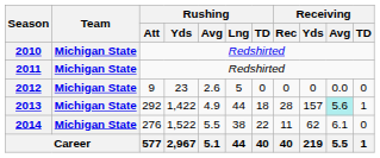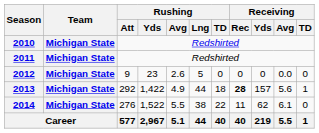 <table class="wikitable" style="text-align:center;">
 <tr>
 <th rowspan="2">Season</th>
 <th rowspan="2">Team</th>
 <th colspan="5">Rushing</th>
 <th colspan="4">Receiving</th>
 </tr>
 <tr>
 <th>Att</th>
 <th>Yds</th>
 <th>Avg</th>
 <th>Lng</th>
 <th>TD</th>
 <th>Rec</th>
 <th>Yds</th>
 <th>Avg</th>
 <th>TD</th>
 </tr>
 <tr>
 <th><a href='#'>2010</a></th>
 <th><a href='#'>Michigan State</a></th>
 <td colspan="9"><em><a href='#'>Redshirted</a></em></td>
 </tr>
 <tr>
 <th><a href='#'>2011</a></th>
 <th><a href='#'>Michigan State</a></th>
 <td colspan="9"><em>Redshirted</em></td>
 </tr>
 <tr>
 <th><a href='#'>2012</a></th>
 <th><a href='#'>Michigan State</a></th>
 <td>9</td>
 <td>23</td>
 <td>2.6</td>
 <td>5</td>
 <td>0</td>
 <td>0</td>
 <td>0</td>
 <td>0.0</td>
 <td>0</td>
 </tr>
 <tr>
 <th><a href='#'>2013</a></th>
 <th><a href='#'>Michigan State</a></th>
 <td>292</td>
 <td>1,422</td>
 <td>4.9</td>
 <td>44</td>
 <td>18</td>
-<td>28</td>
+<td><strong>28</strong></td>
 <td>157</td>
-<td style="background: paleturquoise;">5.6</td>
+<td>5.6</td>
 <td>1</td>
 </tr>
 <tr>
 <th><a href='#'>2014</a></th>
 <th><a href='#'>Michigan State</a></th>
 <td>276</td>
 <td>1,522</td>
 <td>5.5</td>
 <td>38</td>
 <td>22</td>
 <td>11</td>
 <td>62</td>
 <td>6.1</td>
 <td>0</td>
 </tr>
 <tr>
 <th colspan="2">Career</th>
 <th>577</th>
 <th>2,967</th>
 <th>5.1</th>
 <th>44</th>
 <th>40</th>
 <th>40</th>
 <th>219</th>
 <th>5.5</th>
 <th>1</th>
 </tr>
 </table>
